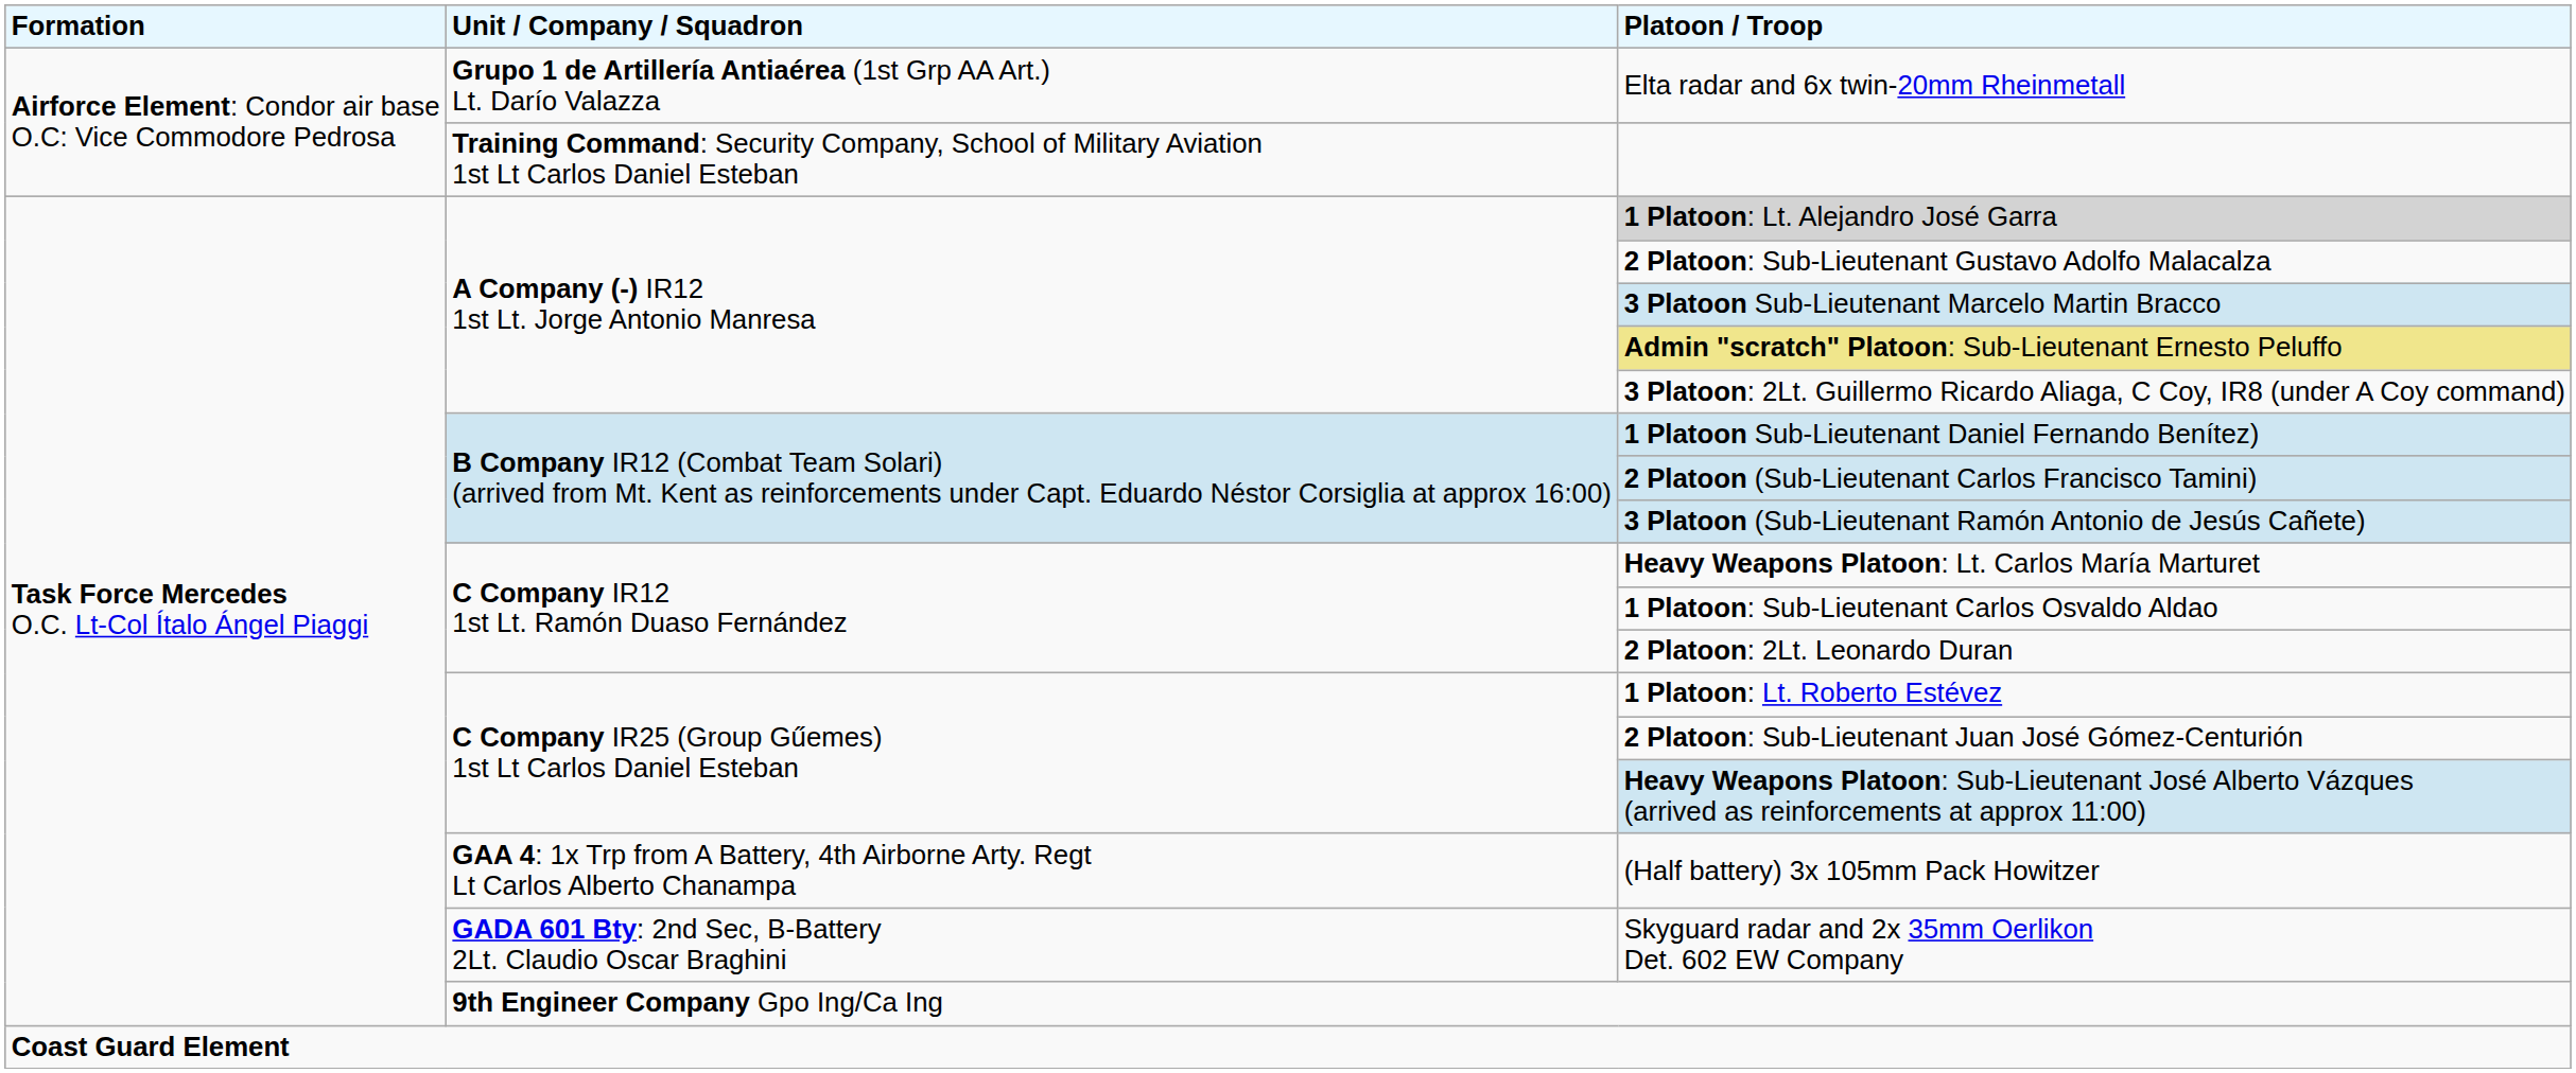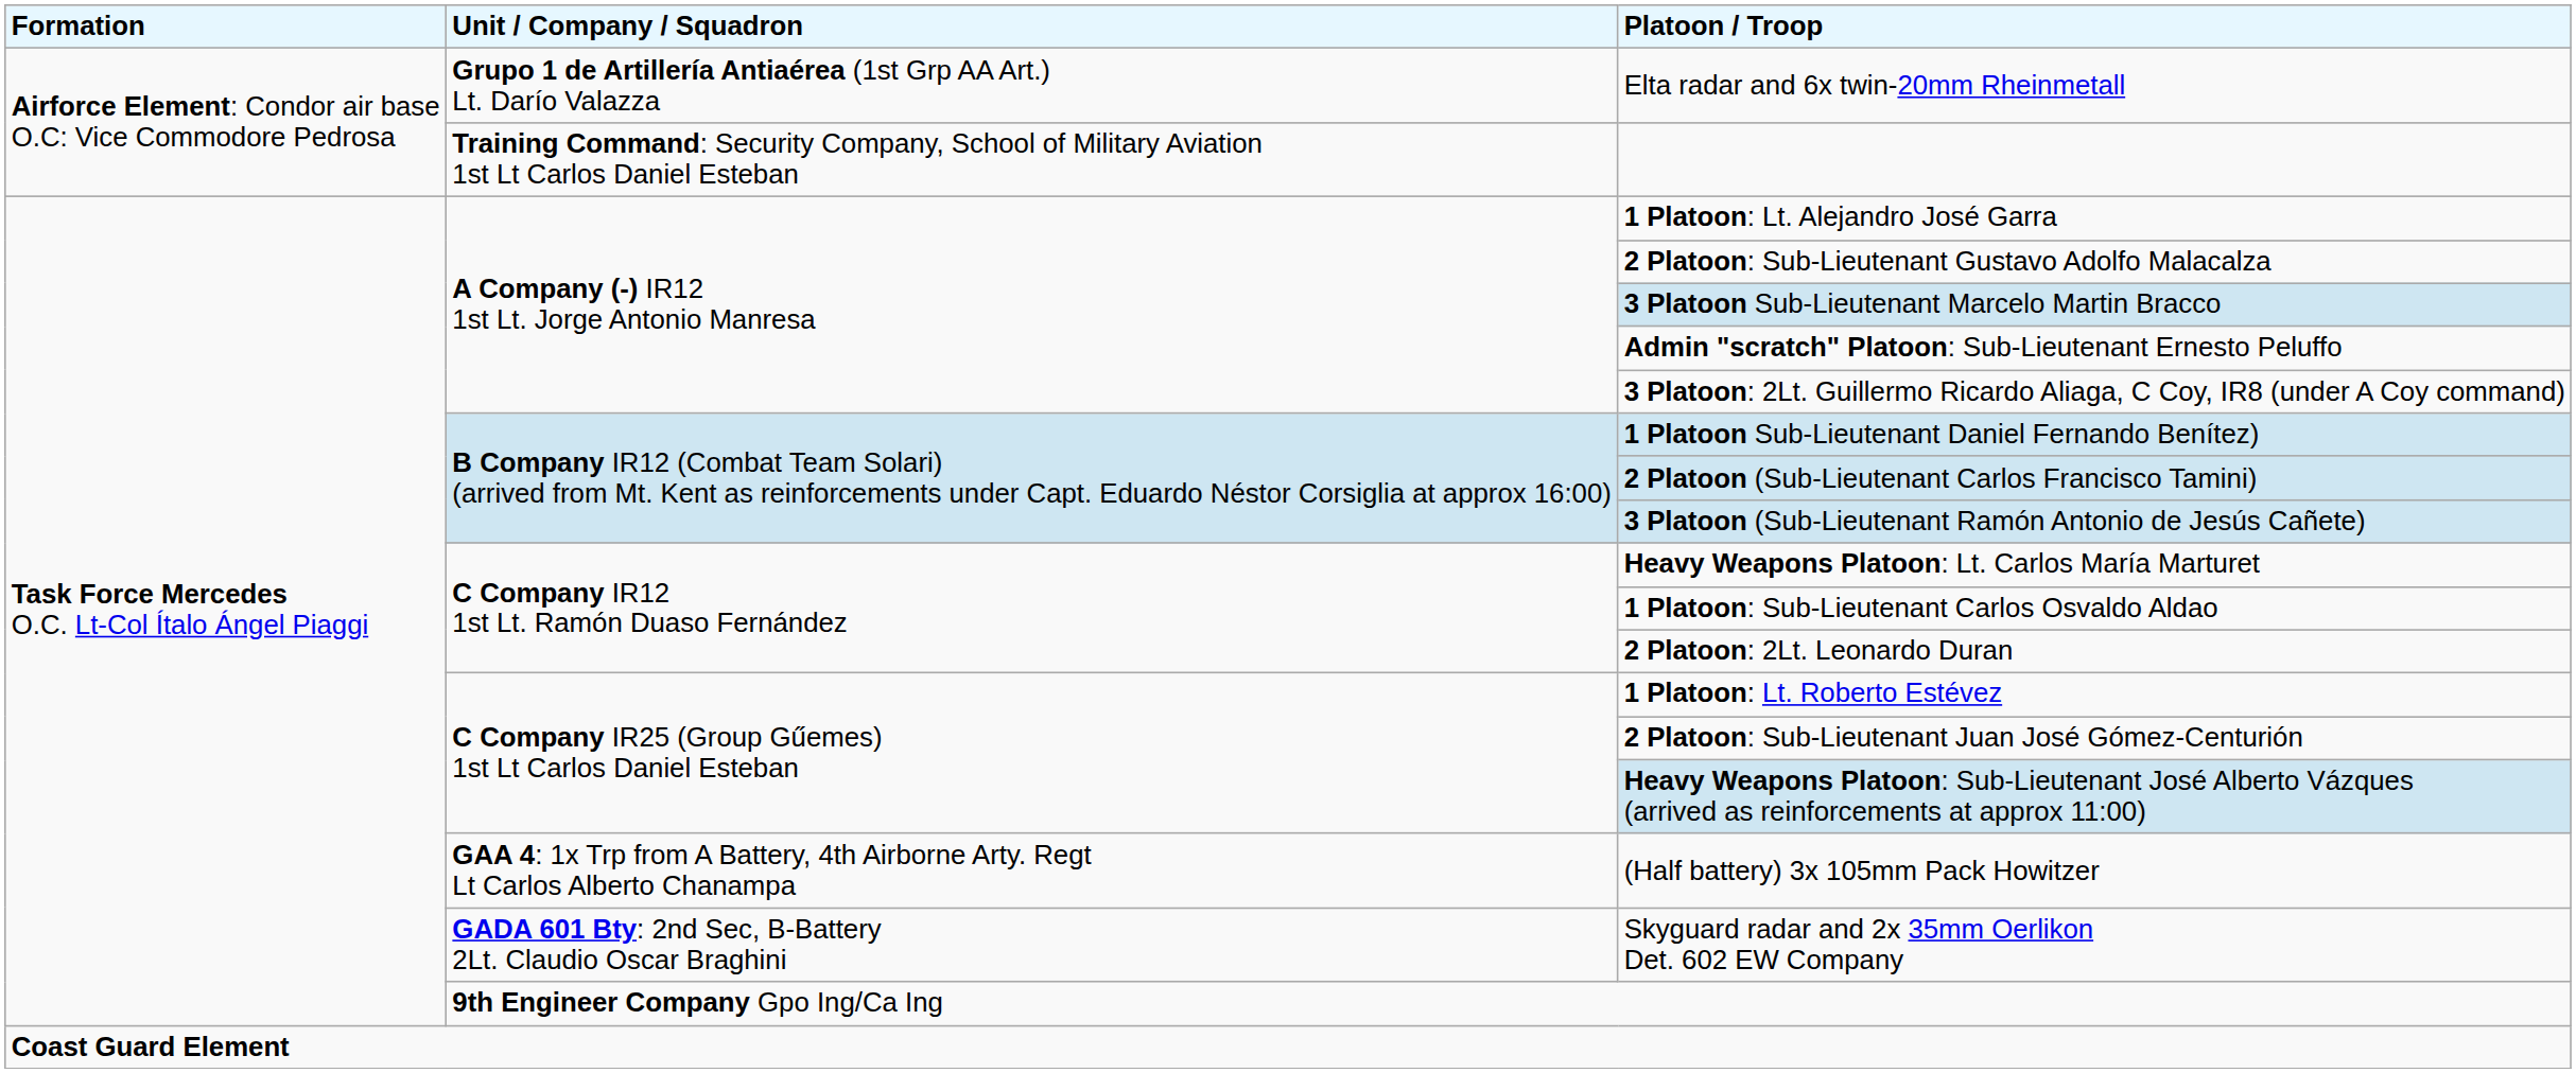 <table class="wikitable">
 <tr>
 <td style="background:#E6F7FF;"><strong>Formation</strong></td>
 <td , style="background:#E6F7FF;"><strong>Unit / Company / Squadron</strong></td>
 <td , style="background:#E6F7FF;"><strong>Platoon / Troop</strong></td>
 </tr>
 <tr>
 <td rowspan="2"><strong>Airforce Element</strong>: Condor air base <br>O.C: Vice Commodore Pedrosa</td>
 <td><strong>Grupo 1 de Artillería Antiaérea</strong> (1st Grp AA Art.)<br>Lt. Darío Valazza</td>
 <td>Elta radar and 6x twin-<a href='#'>20mm Rheinmetall</a></td>
 </tr>
 <tr>
 <td><strong>Training Command</strong>: Security Company, School of Military Aviation<br>1st Lt Carlos Daniel Esteban</td>
 <td></td>
 </tr>
 <tr>
 <td rowspan="17"><strong>Task Force Mercedes</strong><br>O.C. <a href='#'>Lt-Col Ítalo Ángel Piaggi</a></td>
 <td rowspan="5"><strong>A Company (-)</strong> IR12 <br>1st Lt. Jorge Antonio Manresa</td>
-<td style="background: lightgrey;"><strong>1 Platoon</strong>: Lt. Alejandro José Garra</td>
+<td><strong>1 Platoon</strong>: Lt. Alejandro José Garra</td>
 </tr>
 <tr>
 <td><strong>2 Platoon</strong>: Sub-Lieutenant Gustavo Adolfo Malacalza</td>
 </tr>
 <tr>
 <td style="background:#CEE6F2;"><strong>3 Platoon</strong> Sub-Lieutenant Marcelo Martin Bracco</td>
 </tr>
 <tr>
-<td style="background: khaki;"><strong>Admin "scratch" Platoon</strong>: Sub-Lieutenant Ernesto Peluffo</td>
+<td><strong>Admin "scratch" Platoon</strong>: Sub-Lieutenant Ernesto Peluffo</td>
 </tr>
 <tr>
 <td><strong>3 Platoon</strong>: 2Lt. Guillermo Ricardo Aliaga, C Coy, IR8 (under A Coy command)</td>
 </tr>
 <tr>
 <td style="background:#CEE6F2;" rowspan="3"><strong>B Company</strong> IR12 (Combat Team Solari)<br>(arrived from Mt. Kent as reinforcements under Capt. Eduardo Néstor Corsiglia at approx 16:00)</td>
 <td style="background:#CEE6F2;"><strong> 1 Platoon</strong> Sub-Lieutenant Daniel Fernando Benítez)</td>
 </tr>
 <tr>
 <td style="background:#CEE6F2;"><strong>2 Platoon</strong> (Sub-Lieutenant Carlos Francisco Tamini)</td>
 </tr>
 <tr>
 <td style="background:#CEE6F2;"><strong>3 Platoon</strong> (Sub-Lieutenant Ramón Antonio de Jesús Cañete)</td>
 </tr>
 <tr>
 <td rowspan="3"><strong>C Company</strong> IR12 <br>1st Lt. Ramón Duaso Fernández</td>
 <td><strong>Heavy Weapons Platoon</strong>: Lt. Carlos María Marturet</td>
 </tr>
 <tr>
 <td><strong>1 Platoon</strong>: Sub-Lieutenant Carlos Osvaldo Aldao</td>
 </tr>
 <tr>
 <td><strong>2 Platoon</strong>: 2Lt. Leonardo Duran</td>
 </tr>
 <tr>
 <td rowspan="3"><strong>C Company</strong> IR25 (Group Gűemes)<br>1st Lt Carlos Daniel Esteban</td>
 <td><strong>1 Platoon</strong>: <a href='#'>Lt. Roberto Estévez</a></td>
 </tr>
 <tr>
 <td><strong>2 Platoon</strong>: Sub-Lieutenant Juan José Gómez-Centurión</td>
 </tr>
 <tr>
 <td style="background:#CEE6F2;"><strong>Heavy Weapons Platoon</strong>: Sub-Lieutenant José Alberto Vázques<br>(arrived as reinforcements at approx 11:00)</td>
 </tr>
 <tr>
 <td><strong>GAA 4</strong>: 1x Trp from A Battery, 4th Airborne Arty. Regt<br>Lt Carlos Alberto Chanampa</td>
 <td>(Half battery) 3x 105mm Pack Howitzer</td>
 </tr>
 <tr>
 <td><strong><a href='#'>GADA 601 Bty</a></strong>: 2nd Sec, B-Battery<br>2Lt. Claudio Oscar Braghini</td>
 <td>Skyguard radar and 2x <a href='#'>35mm Oerlikon</a><br>Det. 602 EW Company</td>
 </tr>
 <tr>
 <td colspan="2"><strong>9th Engineer Company</strong> Gpo Ing/Ca Ing</td>
 </tr>
 <tr>
 <td colspan="3"><strong>Coast Guard Element</strong></td>
 </tr>
 <tr>
 </tr>
 </table>
